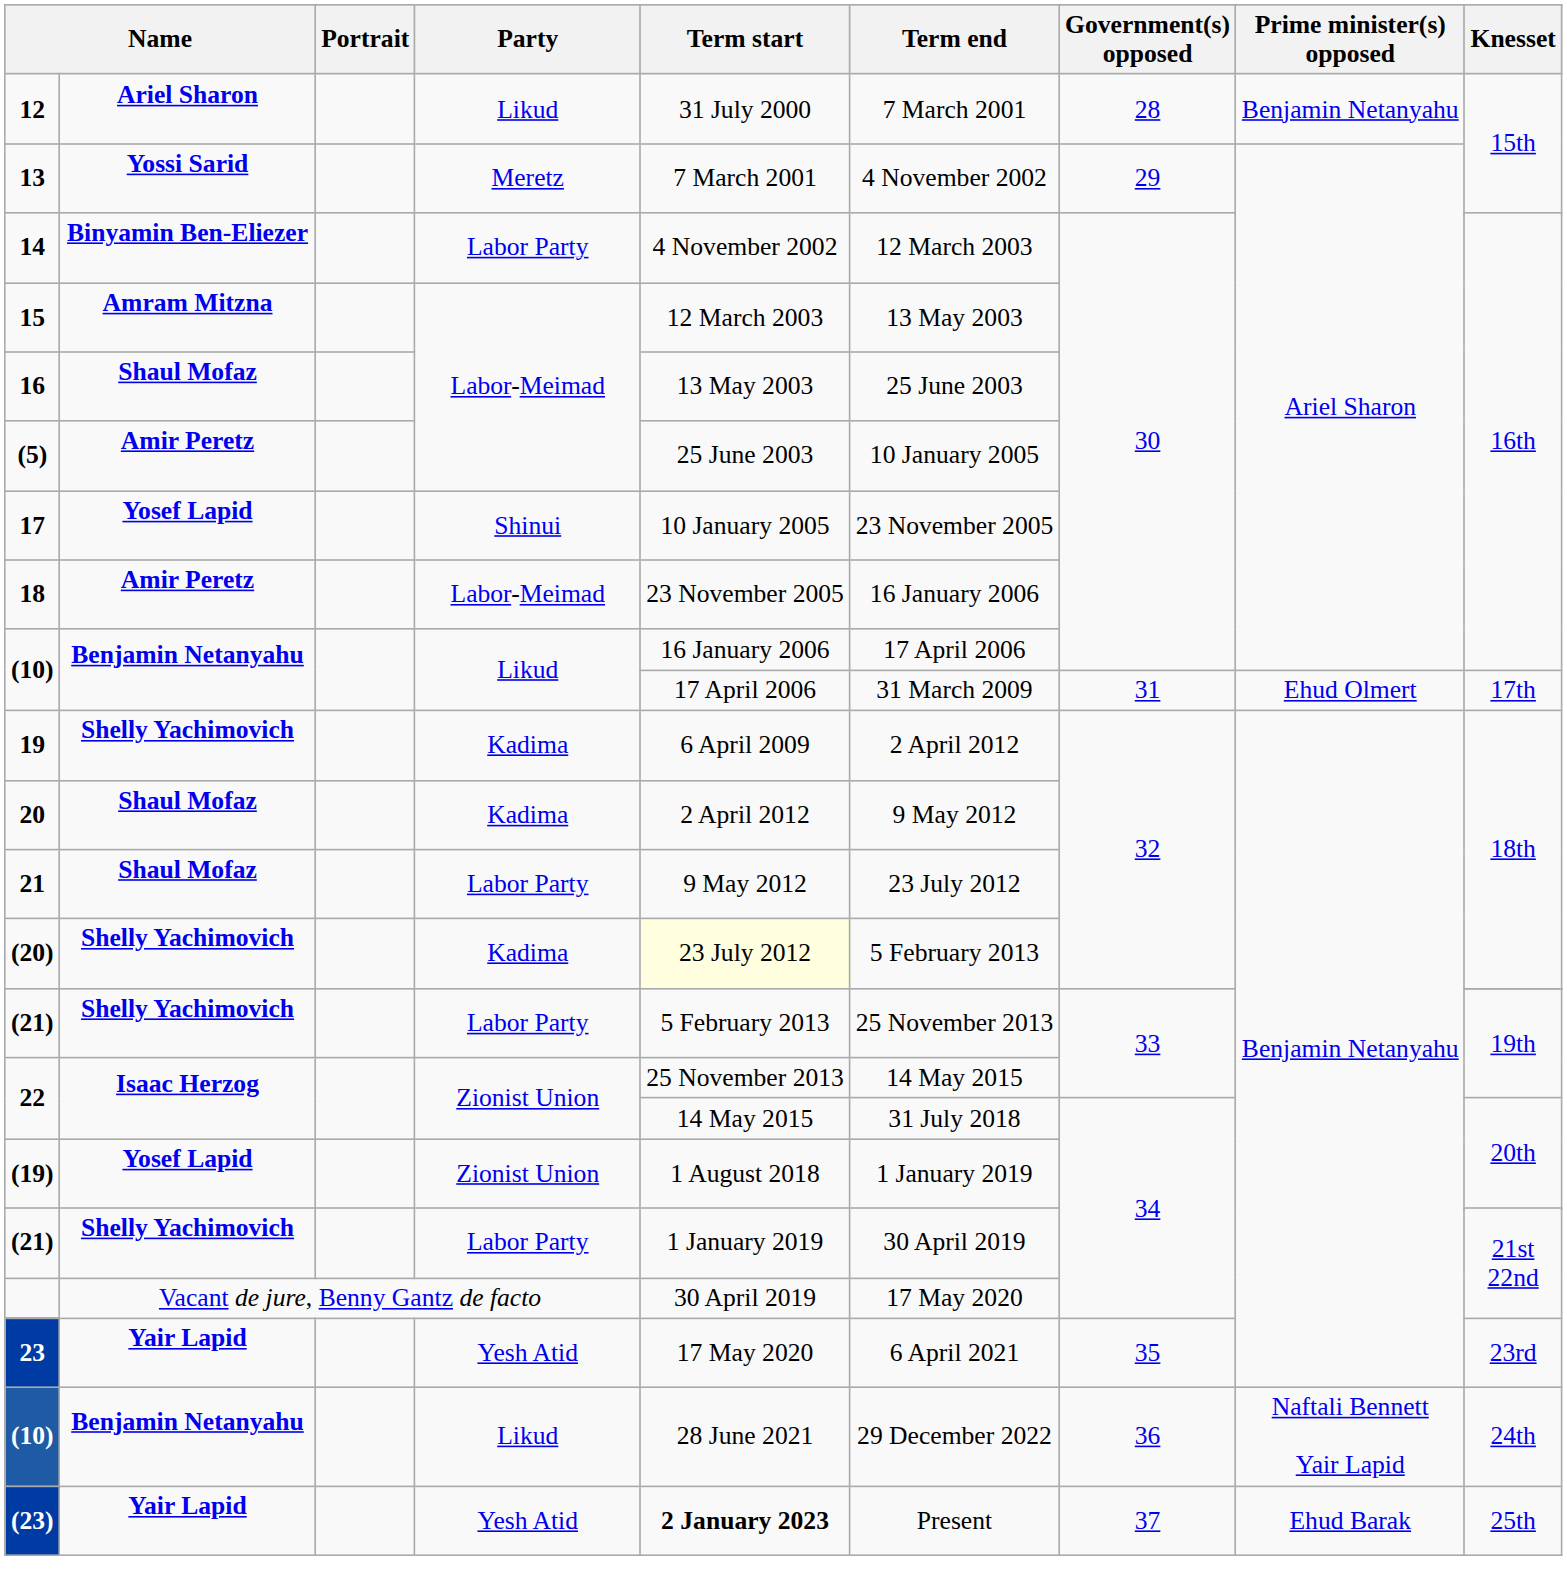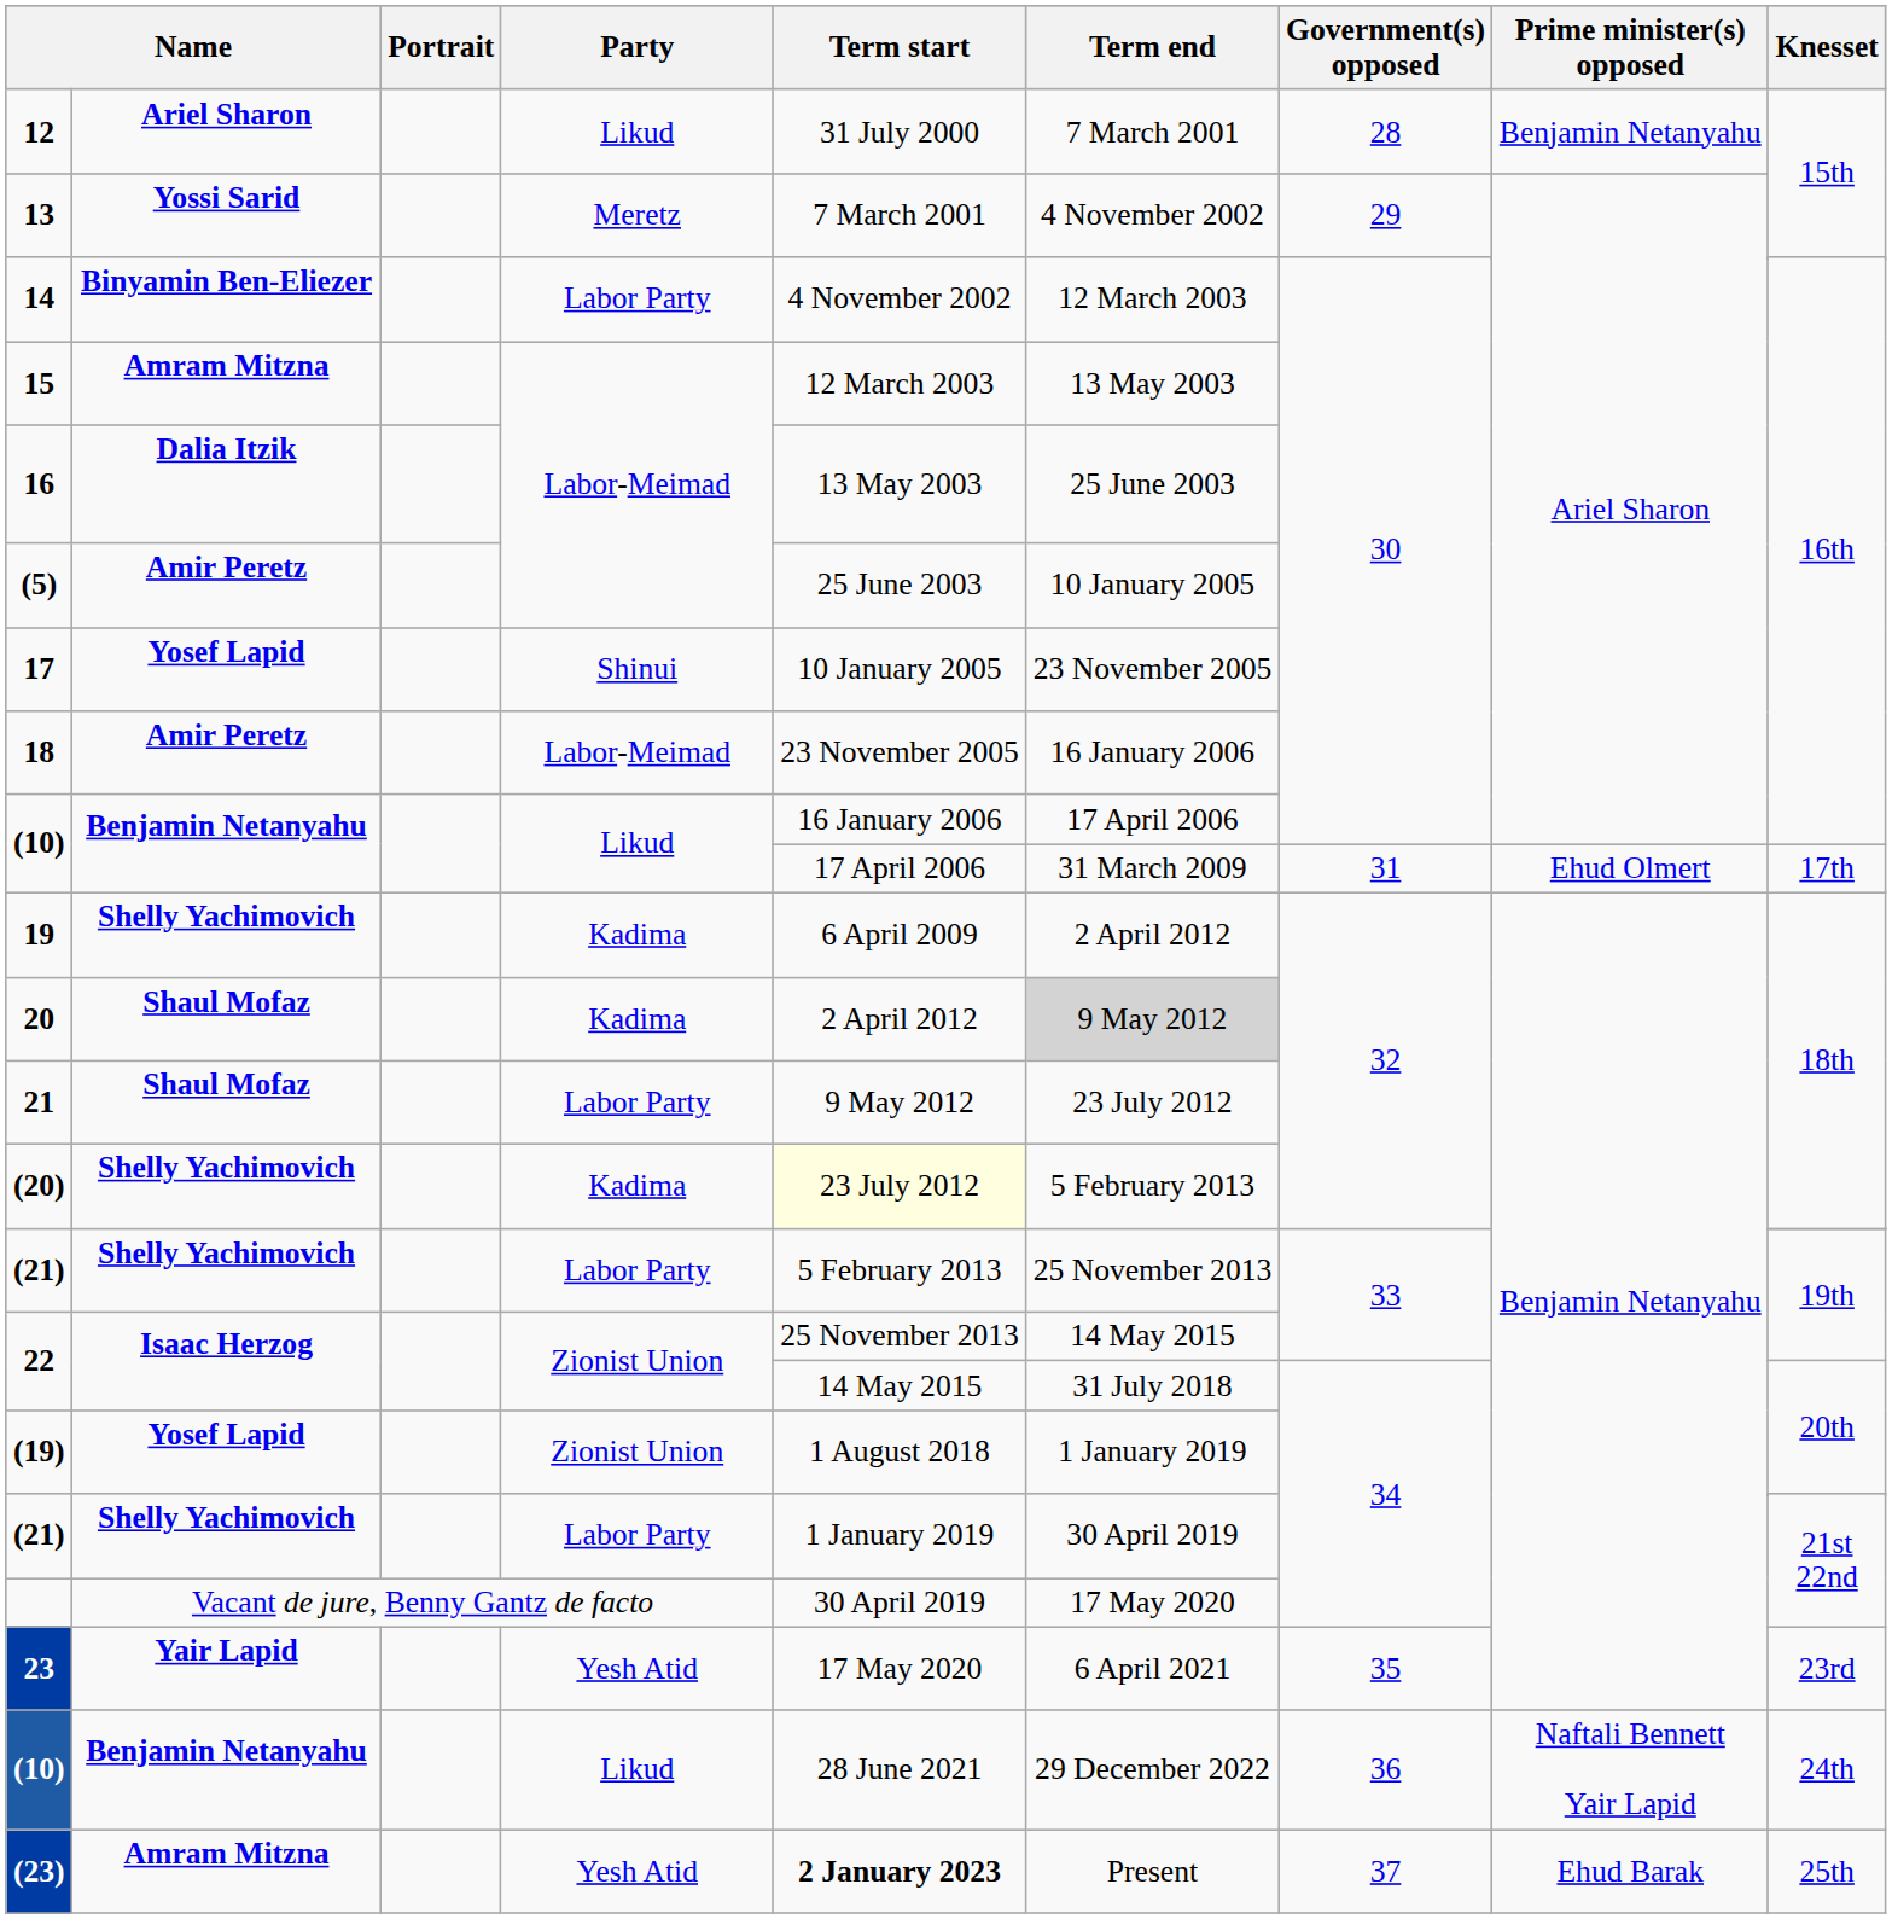 <table class="wikitable" style="text-align:center">
 <tr style="background:#ccc;">
 <th style="width: 140pt;" colspan=2>Name<br></th>
 <th>Portrait</th>
 <th style="width: 100pt;">Party</th>
 <th>Term start</th>
 <th>Term end</th>
 <th>Government(s)<br>opposed</th>
 <th>Prime minister(s)<br>opposed</th>
 <th>Knesset</th>
 </tr>
 <tr>
 <td style="background:"><strong>12</strong></td>
 <td><strong><a href='#'>Ariel Sharon</a></strong><br><br></td>
 <td></td>
 <td><a href='#'>Likud</a></td>
 <td nowrap>31 July 2000</td>
 <td nowrap>7 March 2001</td>
 <td><a href='#'>28</a></td>
 <td><a href='#'>Benjamin Netanyahu</a><br></td>
 <td rowspan=3><a href='#'>15th</a></td>
 </tr>
 <tr>
 <td style="background:"><strong>13</strong></td>
 <td><strong><a href='#'>Yossi Sarid</a></strong><br><br></td>
 <td></td>
 <td><a href='#'>Meretz</a></td>
 <td nowrap>7 March 2001</td>
 <td nowrap>4 November 2002</td>
 <td rowspan=2><a href='#'>29</a></td>
 <td rowspan=9><a href='#'>Ariel Sharon</a><br></td>
 </tr>
 <tr>
 <td rowspan=2 style="background:"><strong>14</strong></td>
 <td rowspan=2><strong><a href='#'>Binyamin Ben-Eliezer</a></strong><br><br></td>
 <td rowspan=2></td>
 <td rowspan=2><a href='#'>Labor Party</a></td>
 <td rowspan=2 nowrap>4 November 2002</td>
 <td rowspan=2 nowrap>12 March 2003</td>
 </tr>
 <tr>
 <td rowspan=7><a href='#'>30</a></td>
 <td rowspan=7><a href='#'>16th</a></td>
 </tr>
 <tr>
 <td style="background:"><strong>15</strong></td>
 <td><strong><a href='#'>Amram Mitzna</a></strong><br><br></td>
 <td></td>
 <td rowspan=3><a href='#'>Labor</a>-<a href='#'>Meimad</a><br></td>
 <td nowrap>12 March 2003</td>
 <td nowrap>13 May 2003</td>
 </tr>
 <tr>
 <td style="background:"><strong>16</strong></td>
-<td><strong><a href='#'>Shaul Mofaz</a></strong><br><br></td>
+<td><strong><a href='#'>Dalia Itzik</a></strong><br><br><br></td>
 <td></td>
 <td nowrap>13 May 2003</td>
 <td nowrap>25 June 2003</td>
 </tr>
 <tr>
 <td style="background:"><strong>(5)</strong></td>
 <td><strong><a href='#'>Amir Peretz</a></strong><br><br></td>
 <td></td>
 <td nowrap>25 June 2003</td>
 <td nowrap>10 January 2005</td>
 </tr>
 <tr>
 <td style="background:"><strong>17</strong></td>
 <td><strong><a href='#'>Yosef Lapid</a></strong><br><br></td>
 <td></td>
 <td><a href='#'>Shinui</a></td>
 <td nowrap>10 January 2005</td>
 <td nowrap>23 November 2005</td>
 </tr>
 <tr>
 <td style="background:"><strong>18</strong></td>
 <td><strong><a href='#'>Amir Peretz</a></strong><br><br></td>
 <td></td>
 <td><a href='#'>Labor</a>-<a href='#'>Meimad</a><br></td>
 <td nowrap>23 November 2005</td>
 <td nowrap>16 January 2006</td>
 </tr>
 <tr>
 <td rowspan=2 style="background:"><strong>(10)</strong></td>
 <td rowspan=2><strong><a href='#'>Benjamin Netanyahu</a></strong><br><br></td>
 <td rowspan=2></td>
 <td rowspan=2><a href='#'>Likud</a></td>
 <td nowrap>16 January 2006</td>
 <td>17 April 2006</td>
 </tr>
 <tr>
 <td nowrap>17 April 2006</td>
 <td>31 March 2009</td>
 <td><a href='#'>31</a></td>
 <td><a href='#'>Ehud Olmert</a><br></td>
 <td><a href='#'>17th</a></td>
 </tr>
 <tr>
 <td style="background:"><strong>19</strong></td>
 <td><strong><a href='#'>Shelly Yachimovich</a></strong><br><br></td>
 <td></td>
 <td><a href='#'>Kadima</a></td>
 <td nowrap>6 April 2009</td>
 <td nowrap>2 April 2012</td>
 <td rowspan=5><a href='#'>32</a></td>
 <td rowspan="14"><a href='#'>Benjamin Netanyahu</a><br></td>
 <td rowspan=4><a href='#'>18th</a></td>
 </tr>
 <tr>
 <td style="background:"><strong>20</strong></td>
 <td><strong><a href='#'>Shaul Mofaz</a></strong><br><br></td>
 <td></td>
 <td><a href='#'>Kadima</a></td>
 <td nowrap>2 April 2012</td>
-<td nowrap>9 May 2012</td>
+<td nowrap style="background: lightgrey;">9 May 2012</td>
 </tr>
 <tr>
 <td style="background:"><strong>21</strong></td>
 <td><strong><a href='#'>Shaul Mofaz</a></strong><br><br></td>
 <td></td>
 <td><a href='#'>Labor Party</a></td>
 <td nowrap>9 May 2012</td>
 <td nowrap>23 July 2012</td>
 </tr>
 <tr>
 <td style="background:"><strong>(20)</strong></td>
 <td><strong><a href='#'>Shelly Yachimovich</a></strong><br><br></td>
 <td></td>
 <td><a href='#'>Kadima</a></td>
 <td nowrap style="background: lightyellow;">23 July 2012</td>
 <td nowrap>5 February 2013</td>
 </tr>
 <tr>
 <td rowspan=2 style="background:"><strong>(21)</strong></td>
 <td rowspan=2><strong><a href='#'>Shelly Yachimovich</a></strong><br><br></td>
 <td rowspan=2></td>
 <td rowspan="3"><a href='#'>Labor Party</a></td>
 <td rowspan=2 nowrap>5 February 2013</td>
 <td rowspan=2 nowrap>25 November 2013</td>
 </tr>
 <tr>
 <td rowspan="3"><a href='#'>33</a></td>
 <td rowspan="3"><a href='#'>19th</a></td>
 </tr>
 <tr>
 <td rowspan=3 style="background:"><strong>22</strong></td>
 <td rowspan="3"><strong><a href='#'>Isaac Herzog</a></strong><br><br></td>
 <td rowspan="3"></td>
 <td rowspan="2" nowrap="">25 November 2013</td>
 <td rowspan="2" nowrap="">14 May 2015</td>
 </tr>
 <tr>
 <td rowspan=2><a href='#'>Zionist Union</a><br></td>
 </tr>
 <tr>
 <td nowrap>14 May 2015</td>
 <td nowrap>31 July 2018</td>
 <td rowspan="5"><a href='#'>34</a></td>
 <td rowspan="3"><a href='#'>20th</a></td>
 </tr>
 <tr>
 <td style="background:"><strong>(19)</strong></td>
 <td><strong><a href='#'>Yosef Lapid</a></strong><br><br></td>
 <td></td>
 <td><a href='#'>Zionist Union</a><br></td>
 <td nowrap>1 August 2018</td>
 <td nowrap>1 January 2019</td>
 </tr>
 <tr>
 <td rowspan=2 style="background:"><strong>(21)</strong></td>
 <td rowspan=2><strong><a href='#'>Shelly Yachimovich</a></strong><br><br></td>
 <td rowspan=2></td>
 <td rowspan=2><a href='#'>Labor Party</a></td>
 <td rowspan=2 nowrap>1 January 2019</td>
 <td rowspan=2 nowrap>30 April 2019</td>
 </tr>
 <tr>
 <td rowspan=2><a href='#'>21st</a><br><a href='#'>22nd</a></td>
 </tr>
 <tr>
 <td style="background: color:white;"></td>
 <td colspan=3><a href='#'>Vacant</a> <em>de jure</em>, <a href='#'>Benny Gantz</a> <em>de facto</em></td>
 <td nowrap>30 April 2019</td>
 <td nowrap>17 May 2020</td>
 </tr>
 <tr>
 <td style="background:#003BA3; color:white;"><strong>23</strong></td>
 <td><strong><a href='#'>Yair Lapid</a></strong><br><br></td>
 <td></td>
 <td><a href='#'>Yesh Atid</a></td>
 <td nowrap>17 May 2020</td>
 <td nowrap>6 April 2021</td>
 <td><a href='#'>35</a></td>
 <td><a href='#'>23rd</a></td>
 </tr>
 <tr>
 <td style="background:#1F5AA5; color:white;"><strong>(10)</strong></td>
 <td><strong><a href='#'>Benjamin Netanyahu</a></strong><br><br></td>
 <td></td>
 <td><a href='#'>Likud</a></td>
 <td nowrap>28 June 2021</td>
 <td nowrap>29 December 2022</td>
 <td><a href='#'>36</a></td>
 <td><a href='#'>Naftali Bennett</a><br><br><a href='#'>Yair Lapid</a><br></td>
 <td><a href='#'>24th</a></td>
 </tr>
 <tr>
 <td style="background:#003BA3; color:white;"><strong>(23)</strong></td>
-<td><strong><a href='#'>Yair Lapid</a></strong><br><br></td>
+<td><strong><a href='#'>Amram Mitzna</a></strong><br><br></td>
 <td></td>
 <td><a href='#'>Yesh Atid</a></td>
 <td nowrap><strong>2 January 2023</strong></td>
 <td nowrap>Present</td>
 <td><a href='#'>37</a></td>
 <td><a href='#'>Ehud Barak</a><br></td>
 <td><a href='#'>25th</a></td>
 </tr>
 </table>
